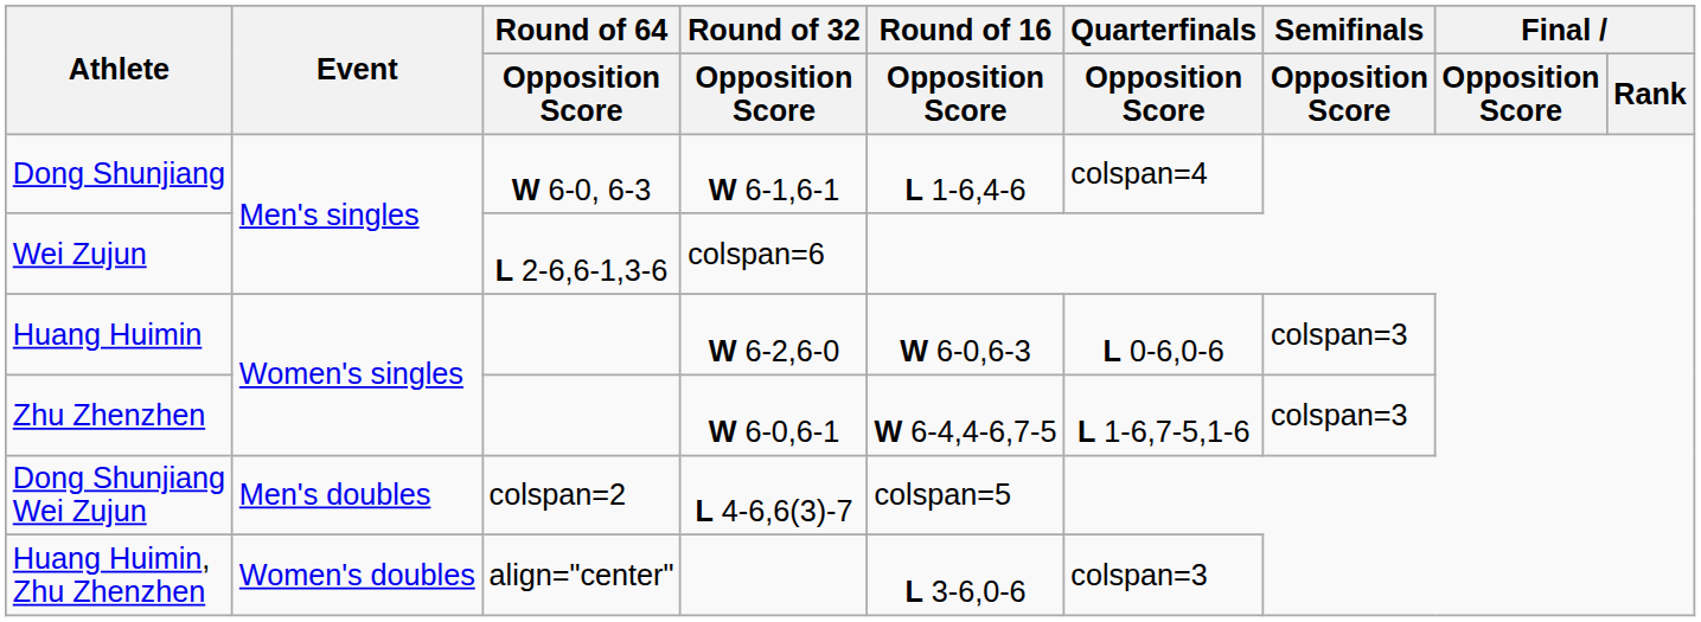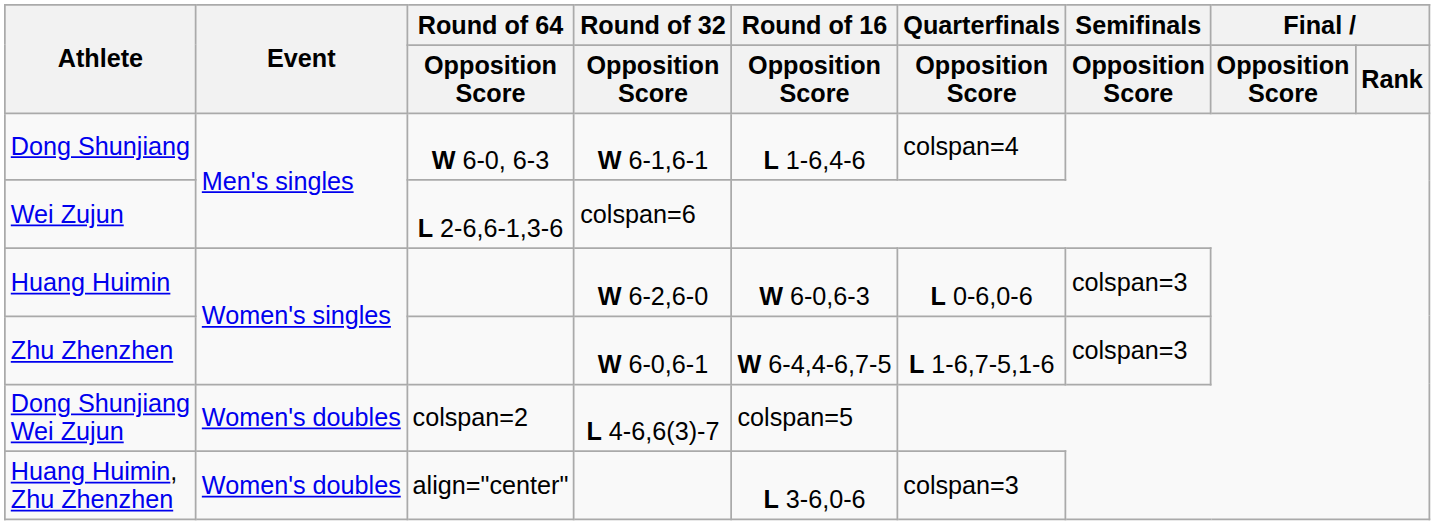 <table class=wikitable style="font-size:90%">
 <tr>
 <th rowspan="2">Athlete</th>
 <th rowspan="2">Event</th>
 <th>Round of 64</th>
 <th>Round of 32</th>
 <th>Round of 16</th>
 <th>Quarterfinals</th>
 <th>Semifinals</th>
 <th colspan="2">Final / </th>
 </tr>
 <tr>
 <th>Opposition<br>Score</th>
 <th>Opposition<br>Score</th>
 <th>Opposition<br>Score</th>
 <th>Opposition<br>Score</th>
 <th>Opposition<br>Score</th>
 <th>Opposition<br>Score</th>
 <th>Rank</th>
 </tr>
 <tr>
 <td><a href='#'>Dong Shunjiang</a></td>
 <td rowspan="2"><a href='#'>Men's singles</a></td>
 <td align="center"><br><strong>W</strong> 6-0, 6-3</td>
 <td align="center"><br><strong>W</strong> 6-1,6-1</td>
 <td align="center"><br><strong>L</strong> 1-6,4-6</td>
 <td>colspan=4 </td>
 </tr>
 <tr>
 <td><a href='#'>Wei Zujun</a></td>
 <td align="center"><br><strong>L</strong> 2-6,6-1,3-6</td>
 <td>colspan=6 </td>
 </tr>
 <tr>
 <td><a href='#'>Huang Huimin</a></td>
 <td rowspan="2"><a href='#'>Women's singles</a></td>
 <td></td>
 <td align="center"><br> <strong>W</strong> 6-2,6-0</td>
 <td align="center"><br> <strong>W</strong> 6-0,6-3</td>
 <td align="center"><br><strong>L</strong> 0-6,0-6</td>
 <td>colspan=3 </td>
 </tr>
 <tr>
 <td><a href='#'>Zhu Zhenzhen</a></td>
 <td></td>
 <td align="center"><br> <strong>W</strong> 6-0,6-1</td>
 <td align="center"><br> <strong>W</strong> 6-4,4-6,7-5</td>
 <td align="center"><br><strong>L</strong> 1-6,7-5,1-6</td>
 <td>colspan=3 </td>
 </tr>
 <tr>
 <td><a href='#'>Dong Shunjiang</a><br><a href='#'>Wei Zujun</a></td>
-<td><a href='#'>Men's doubles</a></td>
+<td><a href='#'>Women's doubles</a></td>
 <td>colspan=2 </td>
 <td align="center"><br> <strong>L</strong> 4-6,6(3)-7</td>
 <td>colspan=5 </td>
 </tr>
 <tr>
 <td><a href='#'>Huang Huimin</a>,<br><a href='#'>Zhu Zhenzhen</a></td>
 <td><a href='#'>Women's doubles</a></td>
 <td>align="center" </td>
 <td></td>
 <td align="center"><br> <strong>L</strong> 3-6,0-6</td>
 <td>colspan=3 </td>
 </tr>
 </table>
